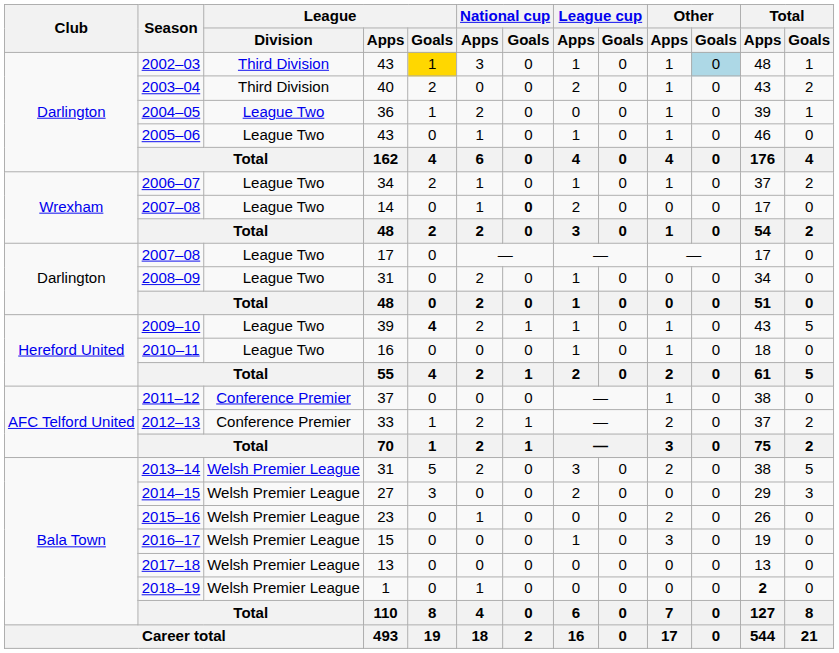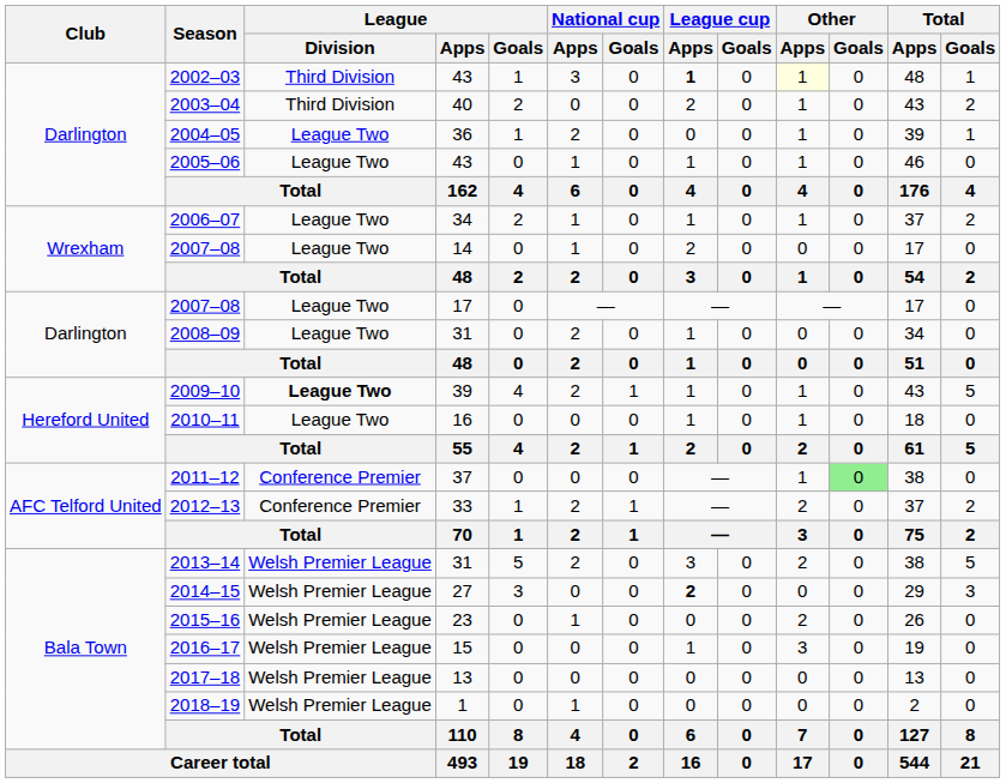 <table class="wikitable" style="text-align: center">
 <tr>
 <th rowspan="2">Club</th>
 <th rowspan="2">Season</th>
 <th colspan="3">League</th>
 <th colspan="2"><a href='#'>National cup</a></th>
 <th colspan="2"><a href='#'>League cup</a></th>
 <th colspan="2">Other</th>
 <th colspan="2">Total</th>
 </tr>
 <tr>
 <th>Division</th>
 <th>Apps</th>
 <th>Goals</th>
 <th>Apps</th>
 <th>Goals</th>
 <th>Apps</th>
 <th>Goals</th>
 <th>Apps</th>
 <th>Goals</th>
 <th>Apps</th>
 <th>Goals</th>
 </tr>
 <tr>
 <td rowspan="5"><a href='#'>Darlington</a></td>
 <td><a href='#'>2002–03</a></td>
 <td><a href='#'>Third Division</a></td>
 <td>43</td>
-<td style="background: gold;">1</td>
+<td>1</td>
 <td>3</td>
 <td>0</td>
-<td>1</td>
+<td><strong>1</strong></td>
 <td>0</td>
-<td>1</td>
-<td style="background: lightblue;">0</td>
+<td style="background: lightyellow;">1</td>
+<td>0</td>
 <td>48</td>
 <td>1</td>
 </tr>
 <tr>
 <td><a href='#'>2003–04</a></td>
 <td>Third Division</td>
 <td>40</td>
 <td>2</td>
 <td>0</td>
 <td>0</td>
 <td>2</td>
 <td>0</td>
 <td>1</td>
 <td>0</td>
 <td>43</td>
 <td>2</td>
 </tr>
 <tr>
 <td><a href='#'>2004–05</a></td>
 <td><a href='#'>League Two</a></td>
 <td>36</td>
 <td>1</td>
 <td>2</td>
 <td>0</td>
 <td>0</td>
 <td>0</td>
 <td>1</td>
 <td>0</td>
 <td>39</td>
 <td>1</td>
 </tr>
 <tr>
 <td><a href='#'>2005–06</a></td>
 <td>League Two</td>
 <td>43</td>
 <td>0</td>
 <td>1</td>
 <td>0</td>
 <td>1</td>
 <td>0</td>
 <td>1</td>
 <td>0</td>
 <td>46</td>
 <td>0</td>
 </tr>
 <tr>
 <th colspan="2">Total</th>
 <th>162</th>
 <th>4</th>
 <th>6</th>
 <th>0</th>
 <th>4</th>
 <th>0</th>
 <th>4</th>
 <th>0</th>
 <th>176</th>
 <th>4</th>
 </tr>
 <tr>
 <td rowspan="3"><a href='#'>Wrexham</a></td>
 <td><a href='#'>2006–07</a></td>
 <td>League Two</td>
 <td>34</td>
 <td>2</td>
 <td>1</td>
 <td>0</td>
 <td>1</td>
 <td>0</td>
 <td>1</td>
 <td>0</td>
 <td>37</td>
 <td>2</td>
 </tr>
 <tr>
 <td><a href='#'>2007–08</a></td>
 <td>League Two</td>
 <td>14</td>
 <td>0</td>
 <td>1</td>
-<td><strong>0</strong></td>
+<td>0</td>
 <td>2</td>
 <td>0</td>
 <td>0</td>
 <td>0</td>
 <td>17</td>
 <td>0</td>
 </tr>
 <tr>
 <th colspan="2">Total</th>
 <th>48</th>
 <th>2</th>
 <th>2</th>
 <th>0</th>
 <th>3</th>
 <th>0</th>
 <th>1</th>
 <th>0</th>
 <th>54</th>
 <th>2</th>
 </tr>
 <tr>
 <td rowspan="3">Darlington</td>
 <td><a href='#'>2007–08</a></td>
 <td>League Two</td>
 <td>17</td>
 <td>0</td>
 <td colspan="2">—</td>
 <td colspan="2">—</td>
 <td colspan="2">—</td>
 <td>17</td>
 <td>0</td>
 </tr>
 <tr>
 <td><a href='#'>2008–09</a></td>
 <td>League Two</td>
 <td>31</td>
 <td>0</td>
 <td>2</td>
 <td>0</td>
 <td>1</td>
 <td>0</td>
 <td>0</td>
 <td>0</td>
 <td>34</td>
 <td>0</td>
 </tr>
 <tr>
 <th colspan="2">Total</th>
 <th>48</th>
 <th>0</th>
 <th>2</th>
 <th>0</th>
 <th>1</th>
 <th>0</th>
 <th>0</th>
 <th>0</th>
 <th>51</th>
 <th>0</th>
 </tr>
 <tr>
 <td rowspan="3"><a href='#'>Hereford United</a></td>
 <td><a href='#'>2009–10</a></td>
-<td>League Two</td>
+<td><strong>League Two</strong></td>
 <td>39</td>
-<td><strong>4</strong></td>
+<td>4</td>
 <td>2</td>
 <td>1</td>
 <td>1</td>
 <td>0</td>
 <td>1</td>
 <td>0</td>
 <td>43</td>
 <td>5</td>
 </tr>
 <tr>
 <td><a href='#'>2010–11</a></td>
 <td>League Two</td>
 <td>16</td>
 <td>0</td>
 <td>0</td>
 <td>0</td>
 <td>1</td>
 <td>0</td>
 <td>1</td>
 <td>0</td>
 <td>18</td>
 <td>0</td>
 </tr>
 <tr>
 <th colspan="2">Total</th>
 <th>55</th>
 <th>4</th>
 <th>2</th>
 <th>1</th>
 <th>2</th>
 <th>0</th>
 <th>2</th>
 <th>0</th>
 <th>61</th>
 <th>5</th>
 </tr>
 <tr>
 <td rowspan="3"><a href='#'>AFC Telford United</a></td>
 <td><a href='#'>2011–12</a></td>
 <td><a href='#'>Conference Premier</a></td>
 <td>37</td>
 <td>0</td>
 <td>0</td>
 <td>0</td>
 <td colspan="2">—</td>
 <td>1</td>
-<td>0</td>
+<td style="background: lightgreen;">0</td>
 <td>38</td>
 <td>0</td>
 </tr>
 <tr>
 <td><a href='#'>2012–13</a></td>
 <td>Conference Premier</td>
 <td>33</td>
 <td>1</td>
 <td>2</td>
 <td>1</td>
 <td colspan="2">—</td>
 <td>2</td>
 <td>0</td>
 <td>37</td>
 <td>2</td>
 </tr>
 <tr>
 <th colspan="2">Total</th>
 <th>70</th>
 <th>1</th>
 <th>2</th>
 <th>1</th>
 <th colspan="2">—</th>
 <th>3</th>
 <th>0</th>
 <th>75</th>
 <th>2</th>
 </tr>
 <tr>
 <td rowspan="7"><a href='#'>Bala Town</a></td>
 <td><a href='#'>2013–14</a></td>
 <td><a href='#'>Welsh Premier League</a></td>
 <td>31</td>
 <td>5</td>
 <td>2</td>
 <td>0</td>
 <td>3</td>
 <td>0</td>
 <td>2</td>
 <td>0</td>
 <td>38</td>
 <td>5</td>
 </tr>
 <tr>
 <td><a href='#'>2014–15</a></td>
 <td>Welsh Premier League</td>
 <td>27</td>
 <td>3</td>
 <td>0</td>
 <td>0</td>
-<td>2</td>
+<td><strong>2</strong></td>
 <td>0</td>
 <td>0</td>
 <td>0</td>
 <td>29</td>
 <td>3</td>
 </tr>
 <tr>
 <td><a href='#'>2015–16</a></td>
 <td>Welsh Premier League</td>
 <td>23</td>
 <td>0</td>
 <td>1</td>
 <td>0</td>
 <td>0</td>
 <td>0</td>
 <td>2</td>
 <td>0</td>
 <td>26</td>
 <td>0</td>
 </tr>
 <tr>
 <td><a href='#'>2016–17</a></td>
 <td>Welsh Premier League</td>
 <td>15</td>
 <td>0</td>
 <td>0</td>
 <td>0</td>
 <td>1</td>
 <td>0</td>
 <td>3</td>
 <td>0</td>
 <td>19</td>
 <td>0</td>
 </tr>
 <tr>
 <td><a href='#'>2017–18</a></td>
 <td>Welsh Premier League</td>
 <td>13</td>
 <td>0</td>
 <td>0</td>
 <td>0</td>
 <td>0</td>
 <td>0</td>
 <td>0</td>
 <td>0</td>
 <td>13</td>
 <td>0</td>
 </tr>
 <tr>
 <td><a href='#'>2018–19</a></td>
 <td>Welsh Premier League</td>
 <td>1</td>
 <td>0</td>
 <td>1</td>
 <td>0</td>
 <td>0</td>
 <td>0</td>
 <td>0</td>
 <td>0</td>
-<td><strong>2</strong></td>
+<td>2</td>
 <td>0</td>
 </tr>
 <tr>
 <th colspan="2">Total</th>
 <th>110</th>
 <th>8</th>
 <th>4</th>
 <th>0</th>
 <th>6</th>
 <th>0</th>
 <th>7</th>
 <th>0</th>
 <th>127</th>
 <th>8</th>
 </tr>
 <tr>
 <th colspan="3">Career total</th>
 <th>493</th>
 <th>19</th>
 <th>18</th>
 <th>2</th>
 <th>16</th>
 <th>0</th>
 <th>17</th>
 <th>0</th>
 <th>544</th>
 <th>21</th>
 </tr>
 </table>
